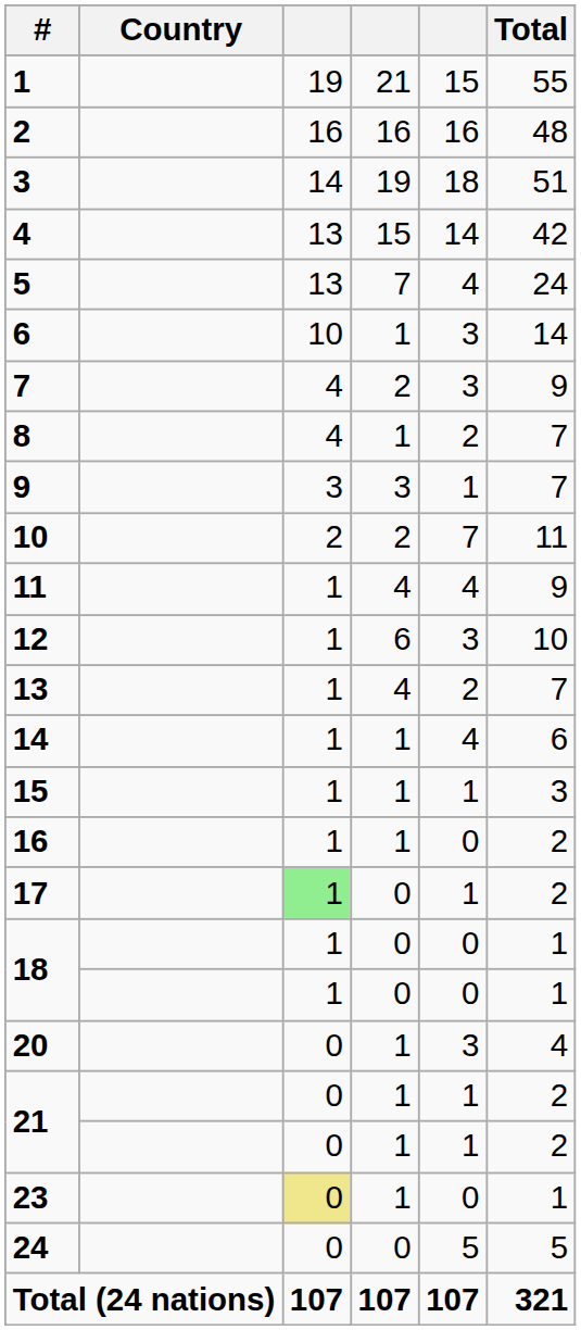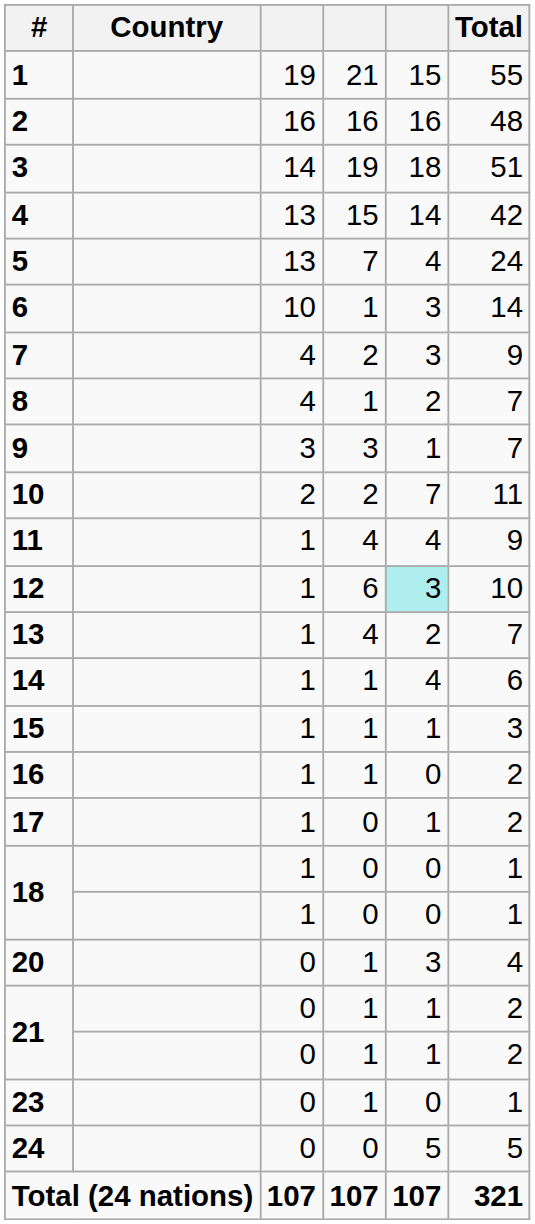 <table class="wikitable sortable alternance" style="font-size:100%">
 <tr>
 <th scope="col">#</th>
 <th scope="col">Country</th>
 <th scope="col"></th>
 <th scope="col"></th>
 <th scope="col"></th>
 <th scope="col">Total</th>
 </tr>
 <tr>
 <td><strong>1</strong></td>
 <td></td>
 <td align=right>19</td>
 <td align=right>21</td>
 <td align=right>15</td>
 <td align=right>55</td>
 </tr>
 <tr>
 <td><strong>2</strong></td>
 <td></td>
 <td align=right>16</td>
 <td align=right>16</td>
 <td align=right>16</td>
 <td align=right>48</td>
 </tr>
 <tr>
 <td><strong>3</strong></td>
 <td></td>
 <td align=right>14</td>
 <td align=right>19</td>
 <td align=right>18</td>
 <td align=right>51</td>
 </tr>
 <tr>
 <td><strong>4</strong></td>
 <td></td>
 <td align=right>13</td>
 <td align=right>15</td>
 <td align=right>14</td>
 <td align=right>42</td>
 </tr>
 <tr>
 <td><strong>5</strong></td>
 <td></td>
 <td align=right>13</td>
 <td align=right>7</td>
 <td align=right>4</td>
 <td align=right>24</td>
 </tr>
 <tr>
 <td><strong>6</strong></td>
 <td></td>
 <td align=right>10</td>
 <td align=right>1</td>
 <td align=right>3</td>
 <td align=right>14</td>
 </tr>
 <tr>
 <td><strong>7</strong></td>
 <td></td>
 <td align=right>4</td>
 <td align=right>2</td>
 <td align=right>3</td>
 <td align=right>9</td>
 </tr>
 <tr>
 <td><strong>8</strong></td>
 <td></td>
 <td align=right>4</td>
 <td align=right>1</td>
 <td align=right>2</td>
 <td align=right>7</td>
 </tr>
 <tr>
 <td><strong>9</strong></td>
 <td></td>
 <td align=right>3</td>
 <td align=right>3</td>
 <td align=right>1</td>
 <td align=right>7</td>
 </tr>
 <tr>
 <td><strong>10</strong></td>
 <td></td>
 <td align=right>2</td>
 <td align=right>2</td>
 <td align=right>7</td>
 <td align=right>11</td>
 </tr>
 <tr>
 <td><strong>11</strong></td>
 <td></td>
 <td align=right>1</td>
 <td align=right>4</td>
 <td align=right>4</td>
 <td align=right>9</td>
 </tr>
 <tr>
 <td><strong>12</strong></td>
 <td></td>
 <td align=right>1</td>
 <td align=right>6</td>
-<td align=right>3</td>
+<td align=right style="background: paleturquoise;">3</td>
 <td align=right>10</td>
 </tr>
 <tr>
 <td><strong>13</strong></td>
 <td></td>
 <td align=right>1</td>
 <td align=right>4</td>
 <td align=right>2</td>
 <td align=right>7</td>
 </tr>
 <tr>
 <td><strong>14</strong></td>
 <td></td>
 <td align=right>1</td>
 <td align=right>1</td>
 <td align=right>4</td>
 <td align=right>6</td>
 </tr>
 <tr>
 <td><strong>15</strong></td>
 <td></td>
 <td align=right>1</td>
 <td align=right>1</td>
 <td align=right>1</td>
 <td align=right>3</td>
 </tr>
 <tr>
 <td><strong>16</strong></td>
 <td></td>
 <td align=right>1</td>
 <td align=right>1</td>
 <td align=right>0</td>
 <td align=right>2</td>
 </tr>
 <tr>
 <td><strong>17</strong></td>
 <td></td>
-<td align=right style="background: lightgreen;">1</td>
+<td align=right>1</td>
 <td align=right>0</td>
 <td align=right>1</td>
 <td align=right>2</td>
 </tr>
 <tr>
 <td rowspan=2><strong>18</strong></td>
 <td></td>
 <td align=right>1</td>
 <td align=right>0</td>
 <td align=right>0</td>
 <td align=right>1</td>
 </tr>
 <tr>
 <td></td>
 <td align=right>1</td>
 <td align=right>0</td>
 <td align=right>0</td>
 <td align=right>1</td>
 </tr>
 <tr>
 <td><strong>20</strong></td>
 <td></td>
 <td align=right>0</td>
 <td align=right>1</td>
 <td align=right>3</td>
 <td align=right>4</td>
 </tr>
 <tr>
 <td rowspan=2><strong>21</strong></td>
 <td></td>
 <td align=right>0</td>
 <td align=right>1</td>
 <td align=right>1</td>
 <td align=right>2</td>
 </tr>
 <tr>
 <td></td>
 <td align=right>0</td>
 <td align=right>1</td>
 <td align=right>1</td>
 <td align=right>2</td>
 </tr>
 <tr>
 <td><strong>23</strong></td>
 <td></td>
-<td align=right style="background: khaki;">0</td>
+<td align=right>0</td>
 <td align=right>1</td>
 <td align=right>0</td>
 <td align=right>1</td>
 </tr>
 <tr>
 <td><strong>24</strong></td>
 <td></td>
 <td align=right>0</td>
 <td align=right>0</td>
 <td align=right>5</td>
 <td align=right>5</td>
 </tr>
 <tr>
 <td align=center colspan=2><strong>Total (24 nations)</strong></td>
 <td align=right><strong>107</strong></td>
 <td align=right><strong>107</strong></td>
 <td align=right><strong>107</strong></td>
 <td align=right><strong>321</strong></td>
 </tr>
 </table>
